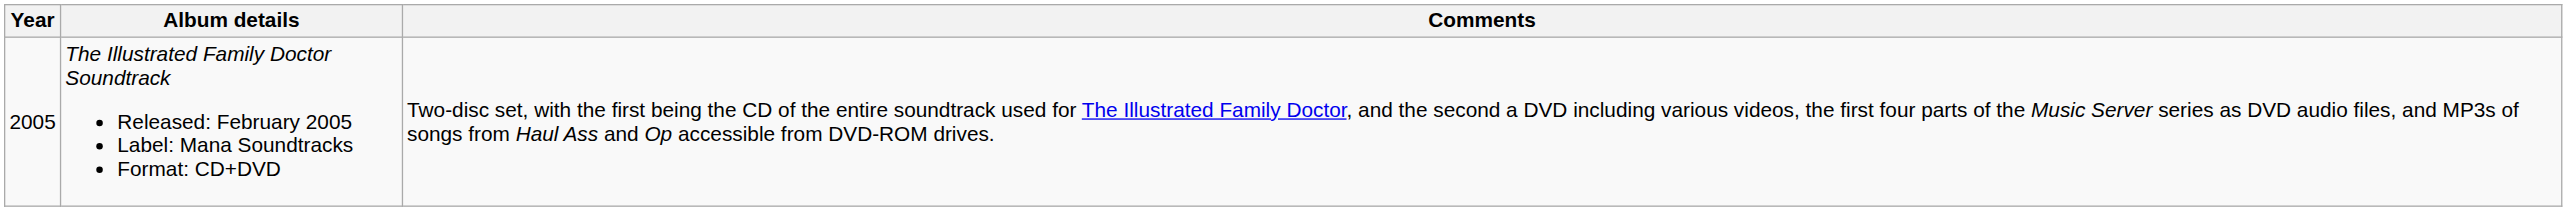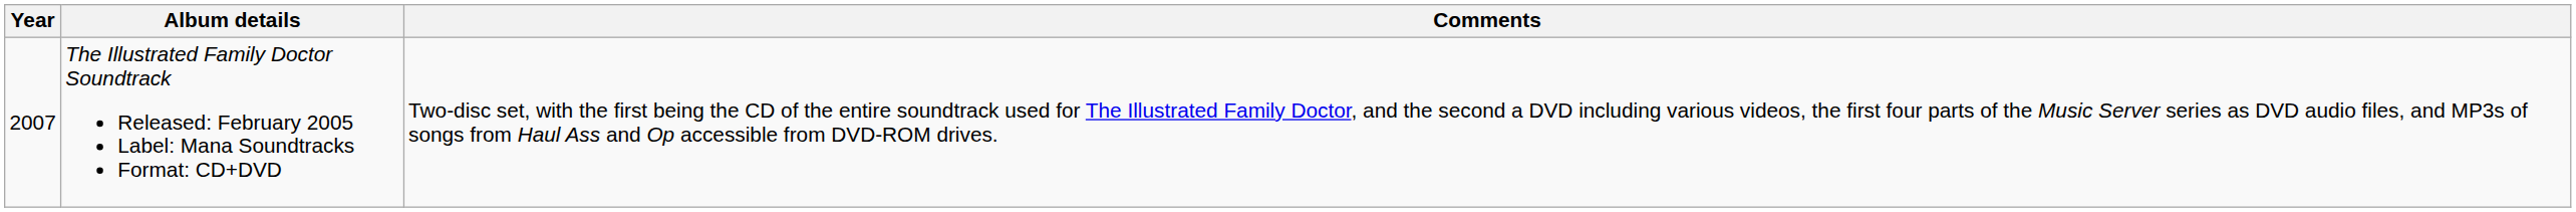 <table class="wikitable">
 <tr>
 <th>Year</th>
 <th>Album details</th>
 <th>Comments</th>
 </tr>
 <tr>
-<td>2005</td>
+<td>2007</td>
 <td align="left"><em>The Illustrated Family Doctor Soundtrack</em><br><ul><li>Released: February 2005</li><li>Label: Mana Soundtracks</li><li>Format: CD+DVD</li></ul></td>
 <td>Two-disc set, with the first being the CD of the entire soundtrack used for <a href='#'>The Illustrated Family Doctor</a>, and the second a DVD including various videos, the first four parts of the <em>Music Server</em> series as DVD audio files, and MP3s of songs from <em>Haul Ass</em> and <em>Op</em> accessible from DVD-ROM drives.</td>
 </tr>
 </table>
